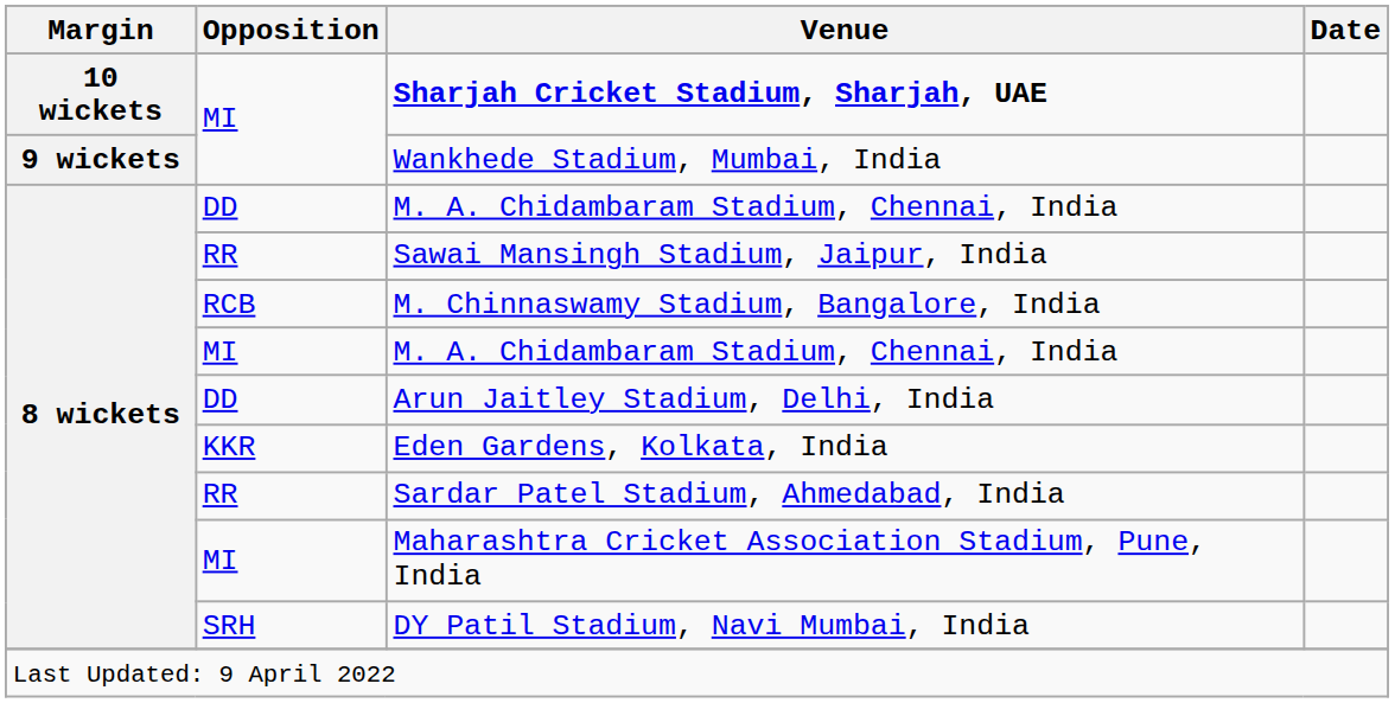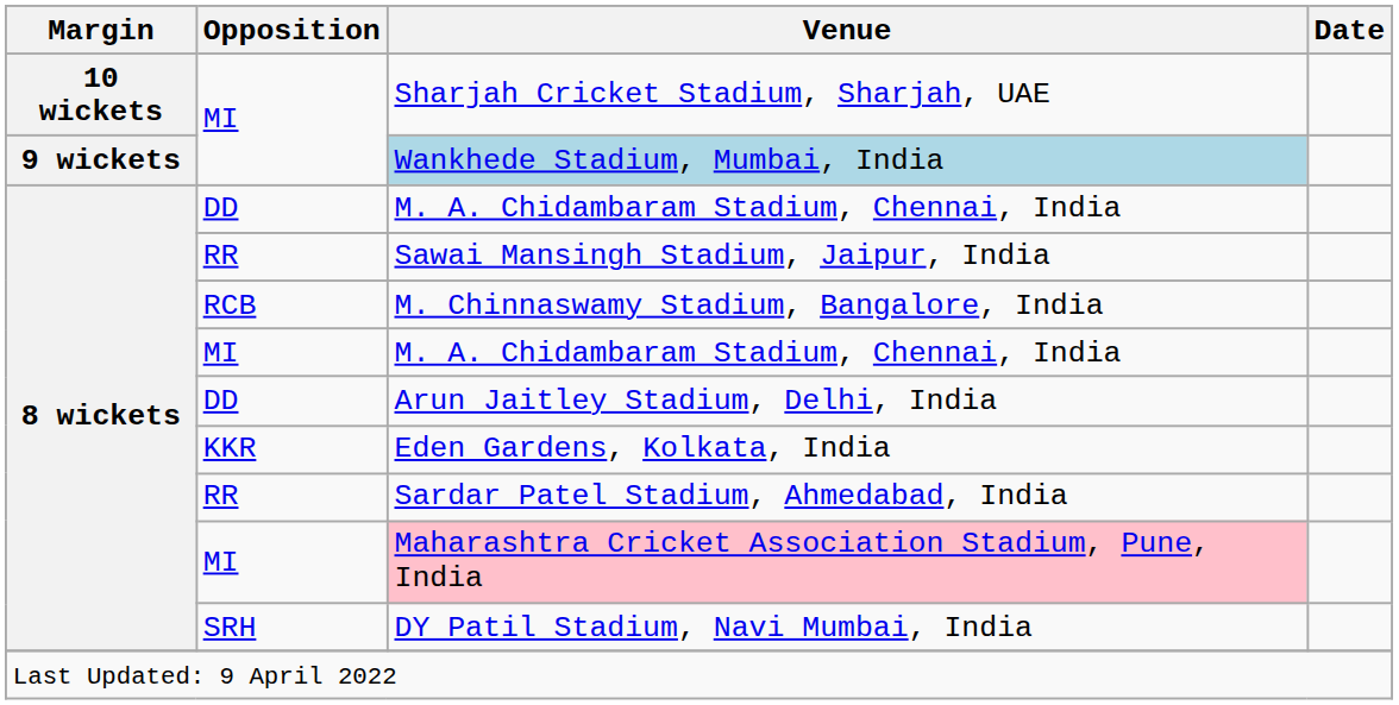 <table class="wikitable">
 <tr>
 <th>Margin</th>
 <th>Opposition</th>
 <th>Venue</th>
 <th>Date</th>
 </tr>
 <tr>
 <th>10 wickets</th>
 <td rowspan=2><a href='#'>MI</a></td>
-<td><strong><a href='#'>Sharjah Cricket Stadium</a>, <a href='#'>Sharjah</a>, UAE</strong></td>
+<td><a href='#'>Sharjah Cricket Stadium</a>, <a href='#'>Sharjah</a>, UAE</td>
 <td></td>
 </tr>
 <tr>
 <th>9 wickets</th>
-<td><a href='#'>Wankhede Stadium</a>, <a href='#'>Mumbai</a>, India</td>
+<td style="background: lightblue;"><a href='#'>Wankhede Stadium</a>, <a href='#'>Mumbai</a>, India</td>
 <td></td>
 </tr>
 <tr>
 <th rowspan=9>8 wickets</th>
 <td><a href='#'>DD</a></td>
 <td><a href='#'>M. A. Chidambaram Stadium</a>, <a href='#'>Chennai</a>, India</td>
 <td></td>
 </tr>
 <tr>
 <td><a href='#'>RR</a></td>
 <td><a href='#'>Sawai Mansingh Stadium</a>, <a href='#'>Jaipur</a>, India</td>
 <td></td>
 </tr>
 <tr>
 <td><a href='#'>RCB</a></td>
 <td><a href='#'>M. Chinnaswamy Stadium</a>, <a href='#'>Bangalore</a>, India</td>
 <td></td>
 </tr>
 <tr>
 <td><a href='#'>MI</a></td>
 <td><a href='#'>M. A. Chidambaram Stadium</a>, <a href='#'>Chennai</a>, India</td>
 <td></td>
 </tr>
 <tr>
 <td><a href='#'>DD</a></td>
 <td><a href='#'>Arun Jaitley Stadium</a>, <a href='#'>Delhi</a>, India</td>
 <td></td>
 </tr>
 <tr>
 <td><a href='#'>KKR</a></td>
 <td><a href='#'>Eden Gardens</a>, <a href='#'>Kolkata</a>, India</td>
 <td></td>
 </tr>
 <tr>
 <td><a href='#'>RR</a></td>
 <td><a href='#'>Sardar Patel Stadium</a>, <a href='#'>Ahmedabad</a>, India</td>
 <td></td>
 </tr>
 <tr>
 <td><a href='#'>MI</a></td>
-<td><a href='#'>Maharashtra Cricket Association Stadium</a>, <a href='#'>Pune</a>, India</td>
+<td style="background: pink;"><a href='#'>Maharashtra Cricket Association Stadium</a>, <a href='#'>Pune</a>, India</td>
 <td></td>
 </tr>
 <tr>
 <td><a href='#'>SRH</a></td>
 <td><a href='#'>DY Patil Stadium</a>, <a href='#'>Navi Mumbai</a>, India</td>
 <td></td>
 </tr>
 <tr>
 </tr>
 <tr class=sortbottom>
 <td colspan=5><small>Last Updated: 9 April 2022</small></td>
 </tr>
 </table>
